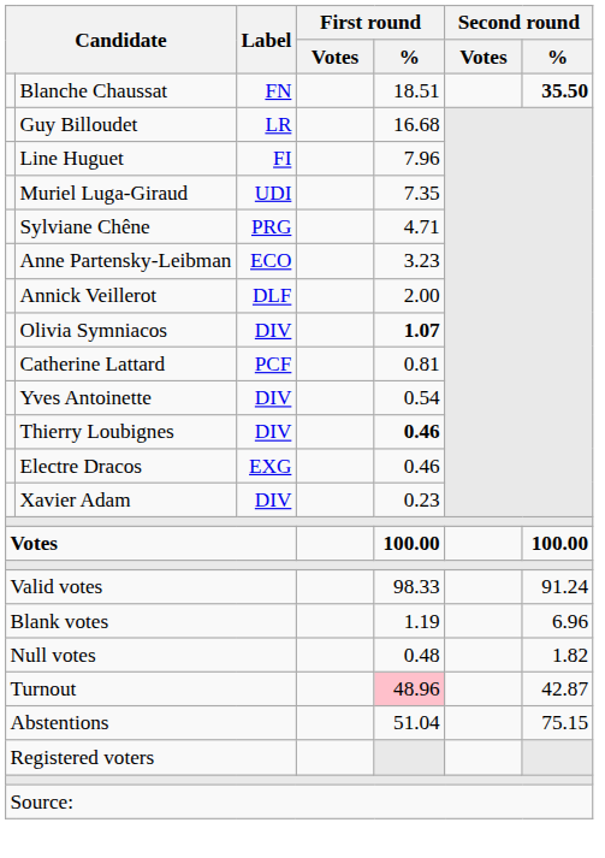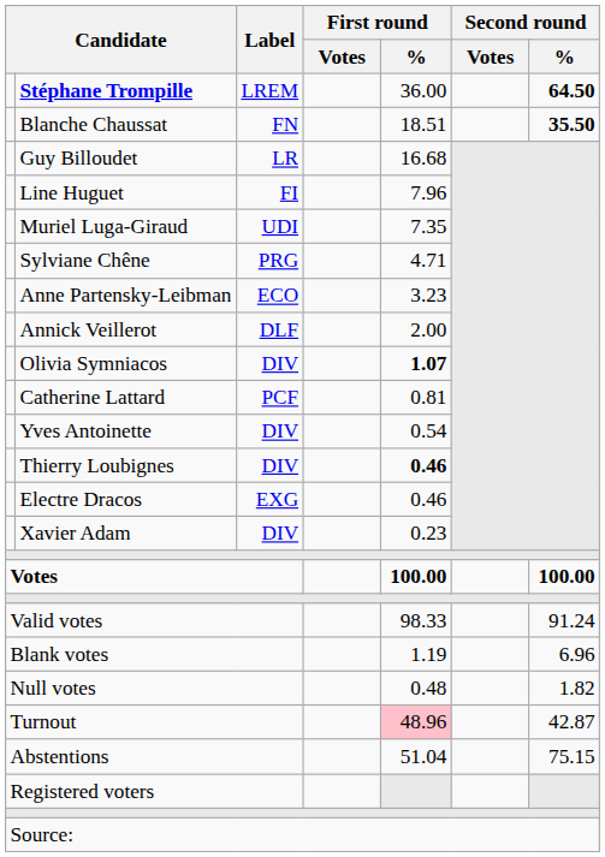 <table class="wikitable" style="text-align:right;font-size:95%;">
 <tr>
 <th colspan="2" rowspan="2">Candidate</th>
 <th rowspan="2">Label</th>
 <th colspan="2">First round</th>
 <th colspan="2">Second round</th>
 </tr>
 <tr>
 <th style="width:50px;">Votes</th>
 <th style="width:45px;">%</th>
 <th style="width:50px;">Votes</th>
 <th style="width:45px;">%</th>
+</tr>
+<tr>
+<td style="color:inherit;background:"></td>
+<td style="text-align:left;"><strong><a href='#'>Stéphane Trompille</a></strong></td>
+<td><a href='#'>LREM</a></td>
+<td></td>
+<td>36.00</td>
+<td><strong></strong></td>
+<td><strong>64.50</strong></td>
 </tr>
 <tr>
 <td style="color:inherit;background:"></td>
 <td style="text-align:left;">Blanche Chaussat</td>
 <td><a href='#'>FN</a></td>
 <td></td>
 <td>18.51</td>
 <td></td>
 <td><strong>35.50</strong></td>
 </tr>
 <tr>
 <td style="color:inherit;background:"></td>
 <td style="text-align:left;">Guy Billoudet</td>
 <td><a href='#'>LR</a></td>
 <td></td>
 <td>16.68</td>
 <td colspan="2" rowspan="12" style="background:#E9E9E9;"></td>
 </tr>
 <tr>
 <td style="color:inherit;background:"></td>
 <td style="text-align:left;">Line Huguet</td>
 <td><a href='#'>FI</a></td>
 <td></td>
 <td>7.96</td>
 </tr>
 <tr>
 <td style="color:inherit;background:"></td>
 <td style="text-align:left;">Muriel Luga-Giraud</td>
 <td><a href='#'>UDI</a></td>
 <td></td>
 <td>7.35</td>
 </tr>
 <tr>
 <td style="color:inherit;background:"></td>
 <td style="text-align:left;">Sylviane Chêne</td>
 <td><a href='#'>PRG</a></td>
 <td></td>
 <td>4.71</td>
 </tr>
 <tr>
 <td style="color:inherit;background:"></td>
 <td style="text-align:left;">Anne Partensky-Leibman</td>
 <td><a href='#'>ECO</a></td>
 <td></td>
 <td>3.23</td>
 </tr>
 <tr>
 <td style="color:inherit;background:"></td>
 <td style="text-align:left;">Annick Veillerot</td>
 <td><a href='#'>DLF</a></td>
 <td></td>
 <td>2.00</td>
 </tr>
 <tr>
 <td style="color:inherit;background:"></td>
 <td style="text-align:left;">Olivia Symniacos</td>
 <td><a href='#'>DIV</a></td>
 <td></td>
 <td><strong>1.07</strong></td>
 </tr>
 <tr>
 <td style="color:inherit;background:"></td>
 <td style="text-align:left;">Catherine Lattard</td>
 <td><a href='#'>PCF</a></td>
 <td></td>
 <td>0.81</td>
 </tr>
 <tr>
 <td style="color:inherit;background:"></td>
 <td style="text-align:left;">Yves Antoinette</td>
 <td><a href='#'>DIV</a></td>
 <td></td>
 <td>0.54</td>
 </tr>
 <tr>
 <td style="color:inherit;background:"></td>
 <td style="text-align:left;">Thierry Loubignes</td>
 <td><a href='#'>DIV</a></td>
 <td></td>
 <td><strong>0.46</strong></td>
 </tr>
 <tr>
 <td style="color:inherit;background:"></td>
 <td style="text-align:left;">Electre Dracos</td>
 <td><a href='#'>EXG</a></td>
 <td></td>
 <td>0.46</td>
 </tr>
 <tr>
 <td style="color:inherit;background:"></td>
 <td style="text-align:left;">Xavier Adam</td>
 <td><a href='#'>DIV</a></td>
 <td></td>
 <td>0.23</td>
 </tr>
 <tr>
 <td colspan="7" style="background:#E9E9E9;"></td>
 </tr>
 <tr style="font-weight:bold;">
 <td colspan="3" style="text-align:left;">Votes</td>
 <td></td>
 <td>100.00</td>
 <td></td>
 <td>100.00</td>
 </tr>
 <tr>
 <td colspan="7" style="background:#E9E9E9;"></td>
 </tr>
 <tr>
 <td colspan="3" style="text-align:left;">Valid votes</td>
 <td></td>
 <td>98.33</td>
 <td></td>
 <td>91.24</td>
 </tr>
 <tr>
 <td colspan="3" style="text-align:left;">Blank votes</td>
 <td></td>
 <td>1.19</td>
 <td></td>
 <td>6.96</td>
 </tr>
 <tr>
 <td colspan="3" style="text-align:left;">Null votes</td>
 <td></td>
 <td>0.48</td>
 <td></td>
 <td>1.82</td>
 </tr>
 <tr>
 <td colspan="3" style="text-align:left;">Turnout</td>
 <td></td>
 <td style="background: pink;">48.96</td>
 <td></td>
 <td>42.87</td>
 </tr>
 <tr>
 <td colspan="3" style="text-align:left;">Abstentions</td>
 <td></td>
 <td>51.04</td>
 <td></td>
 <td>75.15</td>
 </tr>
 <tr>
 <td colspan="3" style="text-align:left;">Registered voters</td>
 <td></td>
 <td style="color:inherit;background:#E9E9E9;"></td>
 <td></td>
 <td style="color:inherit;background:#E9E9E9;"></td>
 </tr>
 <tr>
 <td colspan="7" style="background:#E9E9E9;"></td>
 </tr>
 <tr>
 <td colspan="7" style="text-align:left;">Source: </td>
 </tr>
 </table>
